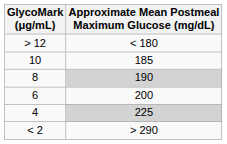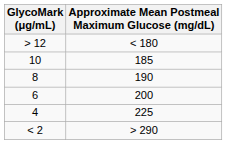 <table class="wikitable" style="text-align:center" align=center>
 <tr>
 <th>GlycoMark<br>(μg/mL)</th>
 <th>Approximate Mean Postmeal<br>Maximum Glucose (mg/dL)</th>
 </tr>
 <tr>
 <td>> 12</td>
 <td>< 180</td>
 </tr>
 <tr>
 <td>10</td>
 <td>185</td>
 </tr>
 <tr>
 <td>8</td>
-<td style="background: lightgrey;">190</td>
+<td>190</td>
 </tr>
 <tr>
 <td>6</td>
 <td>200</td>
 </tr>
 <tr>
 <td>4</td>
-<td style="background: lightgrey;">225</td>
+<td>225</td>
 </tr>
 <tr>
 <td>< 2</td>
 <td>> 290</td>
 </tr>
 </table>
